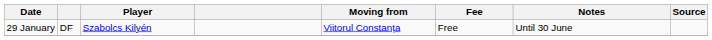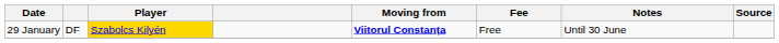 <table class="wikitable sortable">
 <tr>
 <th style="width:80px;">Date</th>
 <th style="width:30px;"></th>
 <th style="width:180px;">Player</th>
 <th style="width:200px;"></th>
 <th style="width:180px;">Moving from</th>
 <th style="width:120px;" class="unsortable">Fee</th>
 <th style="width:250px;" class="unsortable">Notes</th>
 <th style="width:20px;">Source</th>
 </tr>
 <tr>
 <td>29 January</td>
 <td>DF</td>
-<td><a href='#'>Szabolcs Kilyén</a></td>
+<td style="background: gold;"><a href='#'>Szabolcs Kilyén</a></td>
 <td></td>
-<td><a href='#'>Viitorul Constanța</a></td>
+<td><strong><a href='#'>Viitorul Constanța</a></strong></td>
 <td>Free</td>
 <td>Until 30 June</td>
 <td></td>
 </tr>
 <tr>
 </tr>
 </table>
